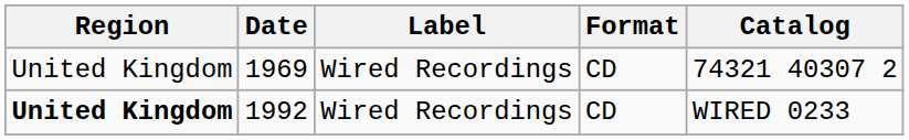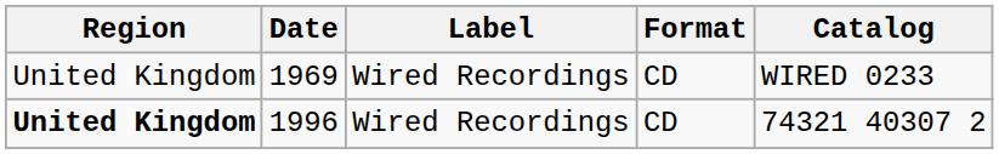 <table class="wikitable">
 <tr>
 <th>Region</th>
 <th>Date</th>
 <th>Label</th>
 <th>Format</th>
 <th>Catalog</th>
 </tr>
 <tr>
 <td>United Kingdom</td>
 <td>1969</td>
 <td>Wired Recordings</td>
 <td>CD</td>
-<td>74321 40307 2</td>
+<td>WIRED 0233</td>
 </tr>
 <tr>
 <td><strong>United Kingdom</strong></td>
-<td>1992</td>
+<td>1996</td>
 <td>Wired Recordings</td>
 <td>CD</td>
-<td>WIRED 0233</td>
+<td>74321 40307 2</td>
 </tr>
 </table>
